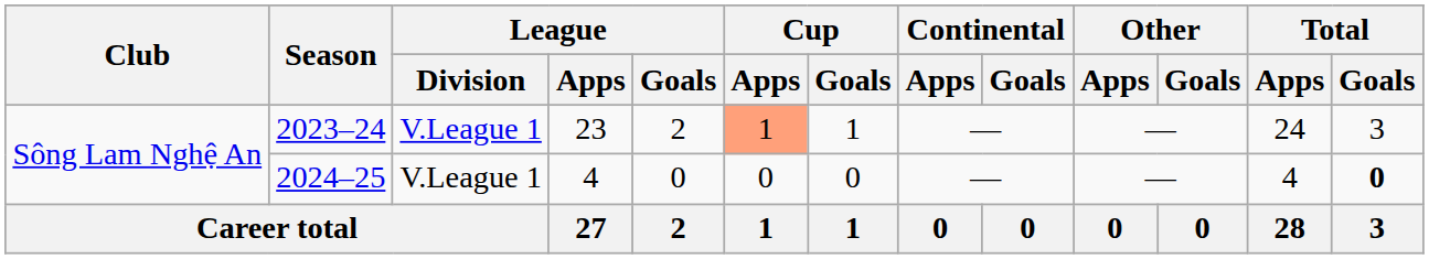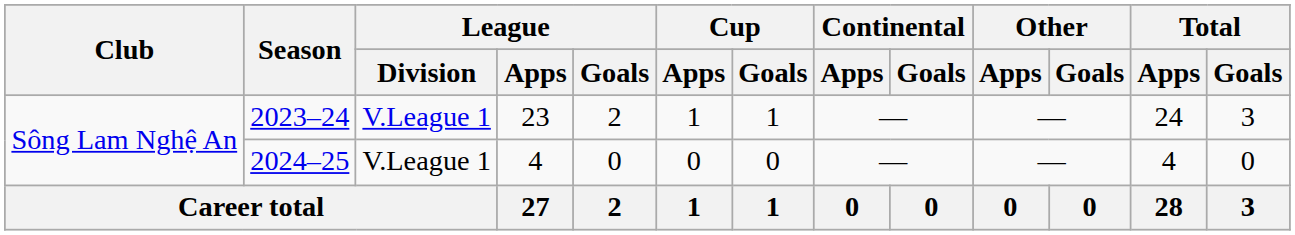 <table class="wikitable" style="text-align:center">
 <tr>
 <th rowspan="2">Club</th>
 <th rowspan="2">Season</th>
 <th colspan="3">League</th>
 <th colspan="2">Cup</th>
 <th colspan="2">Continental</th>
 <th colspan="2">Other</th>
 <th colspan="2">Total</th>
 </tr>
 <tr>
 <th>Division</th>
 <th>Apps</th>
 <th>Goals</th>
 <th>Apps</th>
 <th>Goals</th>
 <th>Apps</th>
 <th>Goals</th>
 <th>Apps</th>
 <th>Goals</th>
 <th>Apps</th>
 <th>Goals</th>
 </tr>
 <tr>
 <td rowspan="2"><a href='#'>Sông Lam Nghệ An</a></td>
 <td><a href='#'>2023–24</a></td>
 <td><a href='#'>V.League 1</a></td>
 <td>23</td>
 <td>2</td>
-<td style="background: lightsalmon;">1</td>
+<td>1</td>
 <td>1</td>
 <td colspan="2">—</td>
 <td colspan="2">—</td>
 <td>24</td>
 <td>3</td>
 </tr>
 <tr>
 <td><a href='#'>2024–25</a></td>
 <td>V.League 1</td>
 <td>4</td>
 <td>0</td>
 <td>0</td>
 <td>0</td>
 <td colspan="2">—</td>
 <td colspan="2">—</td>
 <td>4</td>
-<td><strong>0</strong></td>
+<td>0</td>
 </tr>
 <tr>
 <th colspan="3">Career total</th>
 <th>27</th>
 <th>2</th>
 <th>1</th>
 <th>1</th>
 <th>0</th>
 <th>0</th>
 <th>0</th>
 <th>0</th>
 <th>28</th>
 <th>3</th>
 </tr>
 </table>
